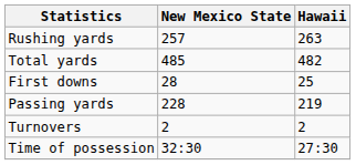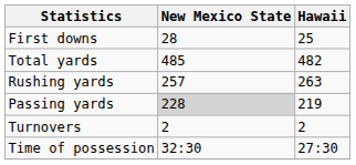 <table class="wikitable">
 <tr>
 <th>Statistics</th>
 <th>New Mexico State</th>
 <th>Hawaii</th>
 </tr>
 <tr>
-<td>Rushing yards</td>
-<td>257</td>
-<td>263</td>
+<td>First downs</td>
+<td>28</td>
+<td>25</td>
 </tr>
 <tr>
 <td>Total yards</td>
 <td>485</td>
 <td>482</td>
 </tr>
 <tr>
-<td>First downs</td>
-<td>28</td>
-<td>25</td>
+<td>Rushing yards</td>
+<td>257</td>
+<td>263</td>
 </tr>
 <tr>
 <td>Passing yards</td>
-<td>228</td>
+<td style="background: lightgrey;">228</td>
 <td>219</td>
 </tr>
 <tr>
 <td>Turnovers</td>
 <td>2</td>
 <td>2</td>
 </tr>
 <tr>
 <td>Time of possession</td>
 <td>32:30</td>
 <td>27:30</td>
 </tr>
 <tr>
 </tr>
 </table>
